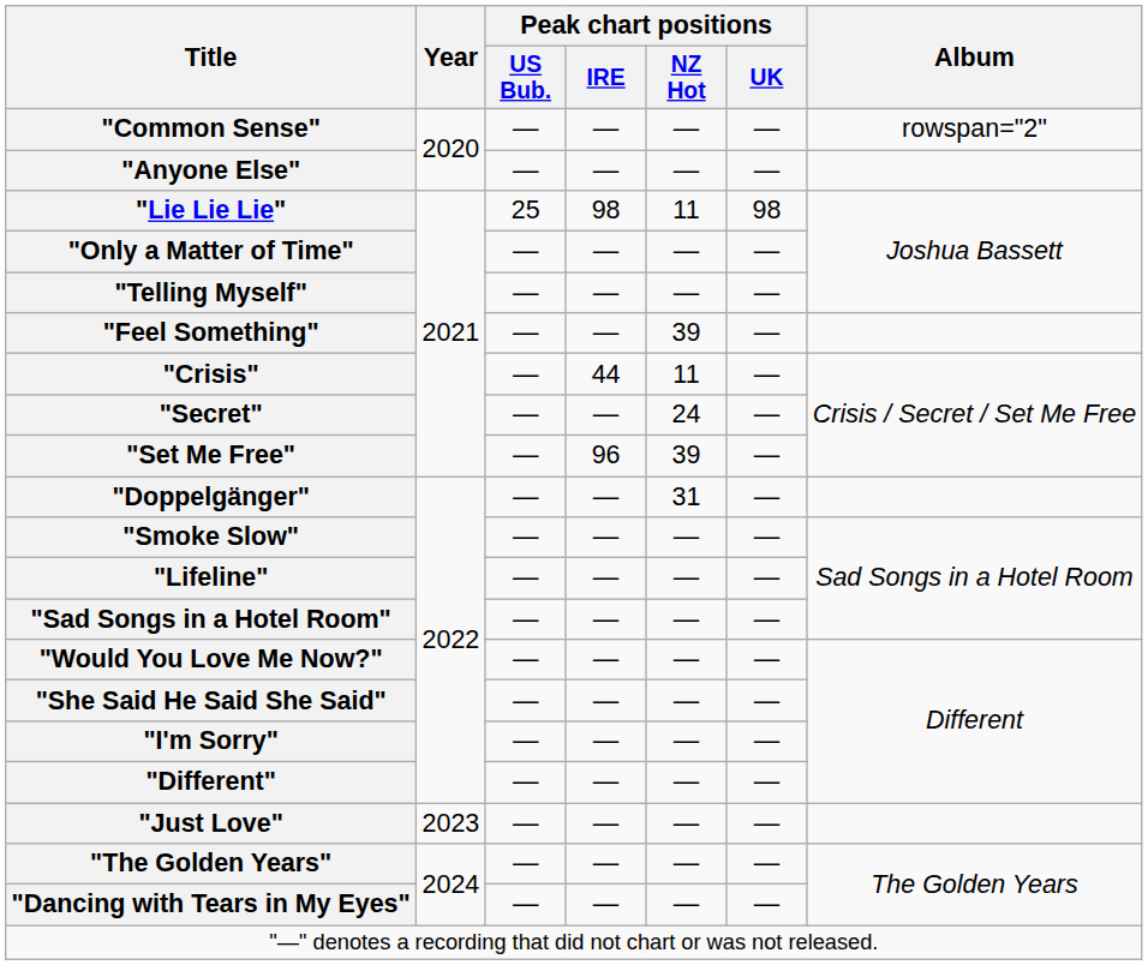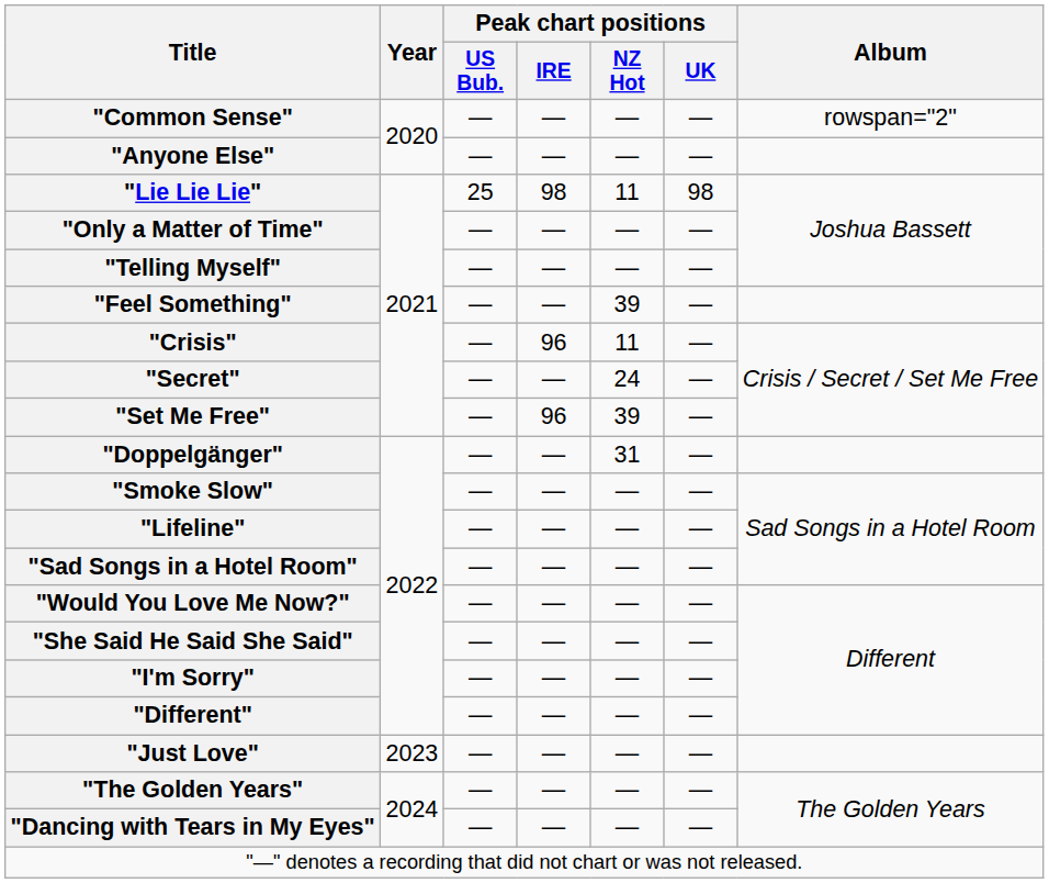 <table class="wikitable plainrowheaders" style="text-align:center;">
 <tr>
 <th scope="col" rowspan="2">Title</th>
 <th scope="col" rowspan="2">Year</th>
 <th scope="col" colspan="4">Peak chart positions</th>
 <th scope="col" rowspan="2">Album</th>
 </tr>
 <tr>
 <th scope="col" style="width:3em;font-size:90%;"><a href='#'>US<br>Bub.</a><br></th>
 <th scope="col" style="width:3em;font-size:90%;"><a href='#'>IRE</a><br></th>
 <th scope="col" style="width:3em;font-size:90%;"><a href='#'>NZ<br>Hot</a><br></th>
 <th scope="col" style="width:3em;font-size:90%;"><a href='#'>UK</a><br></th>
 </tr>
 <tr>
 <th scope="row">"Common Sense"</th>
 <td rowspan="2">2020</td>
 <td>—</td>
 <td>—</td>
 <td>—</td>
 <td>—</td>
 <td>rowspan="2" </td>
 </tr>
 <tr>
 <th scope="row">"Anyone Else"</th>
 <td>—</td>
 <td>—</td>
 <td>—</td>
 <td>—</td>
 </tr>
 <tr>
 <th scope="row">"<a href='#'>Lie Lie Lie</a>"</th>
 <td rowspan="7">2021</td>
 <td>25</td>
 <td>98</td>
 <td>11</td>
 <td>98</td>
 <td rowspan="3"><em>Joshua Bassett</em></td>
 </tr>
 <tr>
 <th scope="row">"Only a Matter of Time"</th>
 <td>—</td>
 <td>—</td>
 <td>—</td>
 <td>—</td>
 </tr>
 <tr>
 <th scope="row">"Telling Myself"</th>
 <td>—</td>
 <td>—</td>
 <td>—</td>
 <td>—</td>
 </tr>
 <tr>
 <th scope="row">"Feel Something"</th>
 <td>—</td>
 <td>—</td>
 <td>39</td>
 <td>—</td>
 <td></td>
 </tr>
 <tr>
 <th scope="row">"Crisis"</th>
 <td>—</td>
-<td>44</td>
+<td>96</td>
 <td>11</td>
 <td>—</td>
 <td rowspan="3"><em>Crisis / Secret / Set Me Free</em></td>
 </tr>
 <tr>
 <th scope="row">"Secret"</th>
 <td>—</td>
 <td>—</td>
 <td>24</td>
 <td>—</td>
 </tr>
 <tr>
 <th scope="row">"Set Me Free"</th>
 <td>—</td>
 <td>96</td>
 <td>39</td>
 <td>—</td>
 </tr>
 <tr>
 <th scope="row">"Doppelgänger"</th>
 <td rowspan="8">2022</td>
 <td>—</td>
 <td>—</td>
 <td>31</td>
 <td>—</td>
 <td></td>
 </tr>
 <tr>
 <th scope="row">"Smoke Slow"</th>
 <td>—</td>
 <td>—</td>
 <td>—</td>
 <td>—</td>
 <td rowspan="3"><em>Sad Songs in a Hotel Room</em></td>
 </tr>
 <tr>
 <th scope="row">"Lifeline"</th>
 <td>—</td>
 <td>—</td>
 <td>—</td>
 <td>—</td>
 </tr>
 <tr>
 <th scope="row">"Sad Songs in a Hotel Room"</th>
 <td>—</td>
 <td>—</td>
 <td>—</td>
 <td>—</td>
 </tr>
 <tr>
 <th scope="row">"Would You Love Me Now?"</th>
 <td>—</td>
 <td>—</td>
 <td>—</td>
 <td>—</td>
 <td rowspan="4"><em>Different</em></td>
 </tr>
 <tr>
 <th scope="row">"She Said He Said She Said"</th>
 <td>—</td>
 <td>—</td>
 <td>—</td>
 <td>—</td>
 </tr>
 <tr>
 <th scope="row">"I'm Sorry"</th>
 <td>—</td>
 <td>—</td>
 <td>—</td>
 <td>—</td>
 </tr>
 <tr>
 <th scope="row">"Different"</th>
 <td>—</td>
 <td>—</td>
 <td>—</td>
 <td>—</td>
 </tr>
 <tr>
 <th scope="row">"Just Love"</th>
 <td>2023</td>
 <td>—</td>
 <td>—</td>
 <td>—</td>
 <td>—</td>
 <td></td>
 </tr>
 <tr>
 <th scope="row">"The Golden Years"</th>
 <td rowspan="2">2024</td>
 <td>—</td>
 <td>—</td>
 <td>—</td>
 <td>—</td>
 <td rowspan="2"><em>The Golden Years</em></td>
 </tr>
 <tr>
 <th scope="row">"Dancing with Tears in My Eyes"</th>
 <td>—</td>
 <td>—</td>
 <td>—</td>
 <td>—</td>
 </tr>
 <tr>
 <td colspan="15" style="font-size:85%;">"—" denotes a recording that did not chart or was not released.</td>
 </tr>
 </table>
